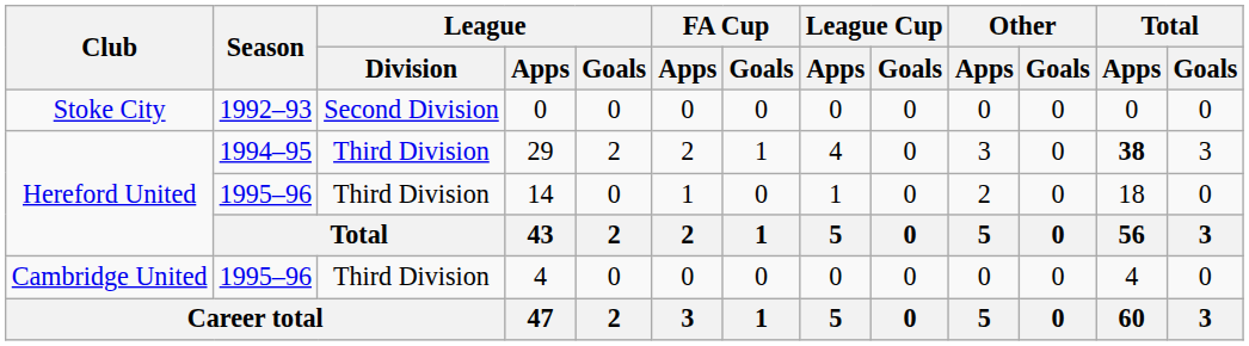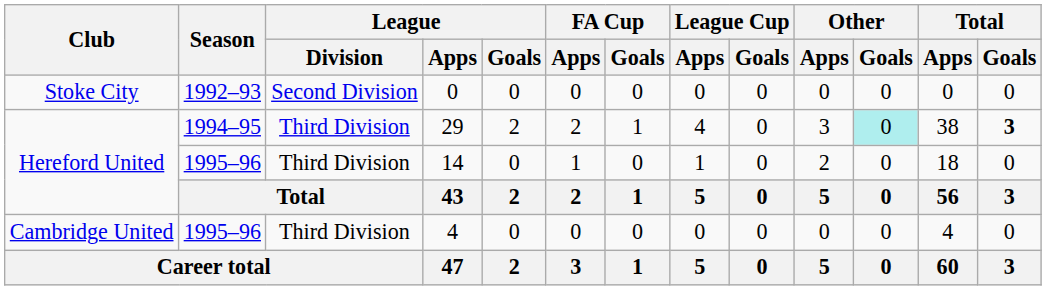 <table class="wikitable" style="text-align: center;">
 <tr>
 <th rowspan="2">Club</th>
 <th rowspan="2">Season</th>
 <th colspan="3">League</th>
 <th colspan="2">FA Cup</th>
 <th colspan="2">League Cup</th>
 <th colspan="2">Other</th>
 <th colspan="2">Total</th>
 </tr>
 <tr>
 <th>Division</th>
 <th>Apps</th>
 <th>Goals</th>
 <th>Apps</th>
 <th>Goals</th>
 <th>Apps</th>
 <th>Goals</th>
 <th>Apps</th>
 <th>Goals</th>
 <th>Apps</th>
 <th>Goals</th>
 </tr>
 <tr>
 <td><a href='#'>Stoke City</a></td>
 <td><a href='#'>1992–93</a></td>
 <td><a href='#'>Second Division</a></td>
 <td>0</td>
 <td>0</td>
 <td>0</td>
 <td>0</td>
 <td>0</td>
 <td>0</td>
 <td>0</td>
 <td>0</td>
 <td>0</td>
 <td>0</td>
 </tr>
 <tr>
 <td rowspan=3><a href='#'>Hereford United</a></td>
 <td><a href='#'>1994–95</a></td>
 <td><a href='#'>Third Division</a></td>
 <td>29</td>
 <td>2</td>
 <td>2</td>
 <td>1</td>
 <td>4</td>
 <td>0</td>
 <td>3</td>
-<td>0</td>
-<td><strong>38</strong></td>
-<td>3</td>
+<td style="background: paleturquoise;">0</td>
+<td>38</td>
+<td><strong>3</strong></td>
 </tr>
 <tr>
 <td><a href='#'>1995–96</a></td>
 <td>Third Division</td>
 <td>14</td>
 <td>0</td>
 <td>1</td>
 <td>0</td>
 <td>1</td>
 <td>0</td>
 <td>2</td>
 <td>0</td>
 <td>18</td>
 <td>0</td>
 </tr>
 <tr>
 <th colspan=2>Total</th>
 <th>43</th>
 <th>2</th>
 <th>2</th>
 <th>1</th>
 <th>5</th>
 <th>0</th>
 <th>5</th>
 <th>0</th>
 <th>56</th>
 <th>3</th>
 </tr>
 <tr>
 <td><a href='#'>Cambridge United</a></td>
 <td><a href='#'>1995–96</a></td>
 <td>Third Division</td>
 <td>4</td>
 <td>0</td>
 <td>0</td>
 <td>0</td>
 <td>0</td>
 <td>0</td>
 <td>0</td>
 <td>0</td>
 <td>4</td>
 <td>0</td>
 </tr>
 <tr>
 <th colspan="3">Career total</th>
 <th>47</th>
 <th>2</th>
 <th>3</th>
 <th>1</th>
 <th>5</th>
 <th>0</th>
 <th>5</th>
 <th>0</th>
 <th>60</th>
 <th>3</th>
 </tr>
 </table>
